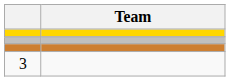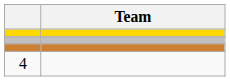 <table class="wikitable" style="text-align:center;">
 <tr>
 <th width=30></th>
 <th width=180>Team</th>
 </tr>
 <tr style="background:#ffd700;">
 <td></td>
 <td style="text-align:left;"></td>
 </tr>
 <tr style="background:#c0c0c0;">
 <td></td>
 <td style="text-align:left;"></td>
 </tr>
 <tr style="background:#cd7f32;">
 <td></td>
 <td style="text-align:left;"></td>
 </tr>
 <tr>
-<td>3</td>
+<td>4</td>
 <td style="text-align:left;"></td>
 </tr>
 </table>
